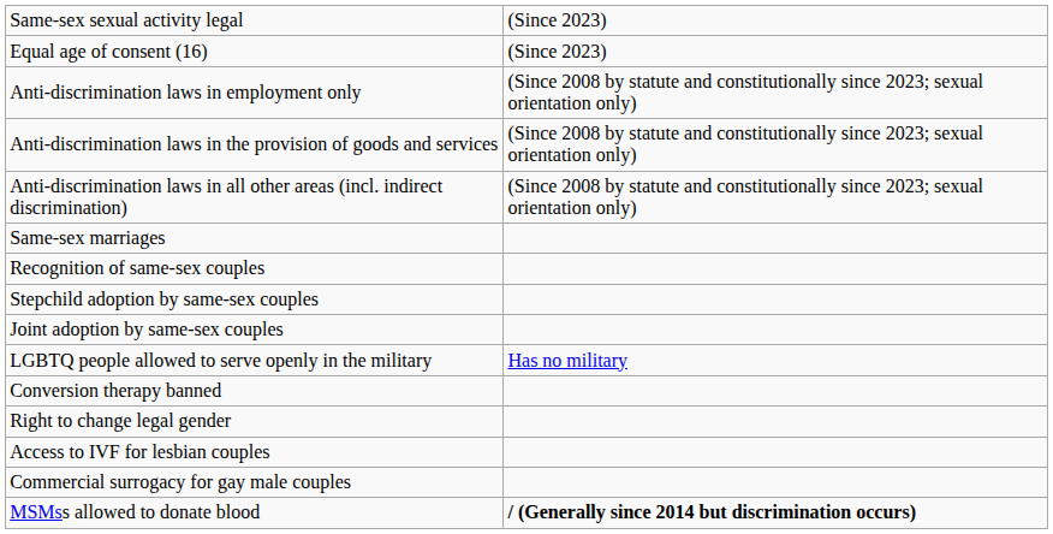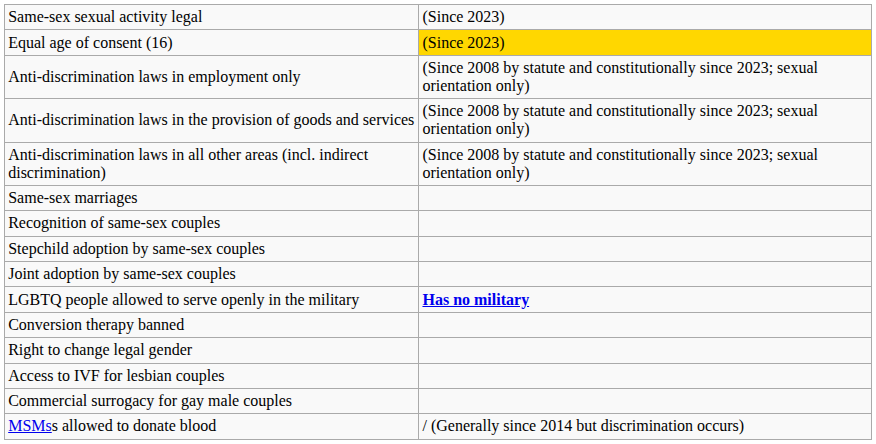 <table class="wikitable">
 <tr>
 <td>Same-sex sexual activity legal</td>
 <td> (Since 2023)</td>
 </tr>
 <tr>
 <td>Equal age of consent (16)</td>
-<td> (Since 2023)</td>
+<td style="background: gold;"> (Since 2023)</td>
 </tr>
 <tr>
 <td>Anti-discrimination laws in employment only</td>
 <td> (Since 2008 by statute and constitutionally since 2023; sexual orientation only)</td>
 </tr>
 <tr>
 <td>Anti-discrimination laws in the provision of goods and services</td>
 <td> (Since 2008 by statute and constitutionally since 2023; sexual orientation only)</td>
 </tr>
 <tr>
 <td>Anti-discrimination laws in all other areas (incl. indirect discrimination)</td>
 <td> (Since 2008 by statute and constitutionally since 2023; sexual orientation only)</td>
 </tr>
 <tr>
 <td>Same-sex marriages</td>
 <td></td>
 </tr>
 <tr>
 <td>Recognition of same-sex couples</td>
 <td></td>
 </tr>
 <tr>
 <td>Stepchild adoption by same-sex couples</td>
 <td></td>
 </tr>
 <tr>
 <td>Joint adoption by same-sex couples</td>
 <td></td>
 </tr>
 <tr>
 <td>LGBTQ people allowed to serve openly in the military</td>
-<td><a href='#'>Has no military</a></td>
+<td><strong><a href='#'>Has no military</a></strong></td>
 </tr>
 <tr>
 <td>Conversion therapy banned</td>
 <td></td>
 </tr>
 <tr>
 <td>Right to change legal gender</td>
 <td></td>
 </tr>
 <tr>
 <td>Access to IVF for lesbian couples</td>
 <td></td>
 </tr>
 <tr>
 <td>Commercial surrogacy for gay male couples</td>
 <td></td>
 </tr>
 <tr>
 <td><a href='#'>MSMs</a>s allowed to donate blood</td>
-<td><strong>/ (Generally since 2014 but discrimination occurs)</strong></td>
+<td>/ (Generally since 2014 but discrimination occurs)</td>
 </tr>
 </table>
